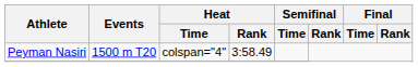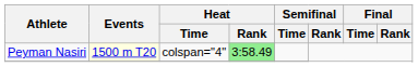 <table class=wikitable style="text-align:center; font-size:90%">
 <tr>
 <th rowspan="2">Athlete</th>
 <th rowspan="2">Events</th>
 <th colspan="2">Heat</th>
 <th colspan="2">Semifinal</th>
 <th colspan="2">Final</th>
 </tr>
 <tr>
 <th>Time</th>
 <th>Rank</th>
 <th>Time</th>
 <th>Rank</th>
 <th>Time</th>
 <th>Rank</th>
 </tr>
 <tr>
 <td align="left"><a href='#'>Peyman Nasiri</a></td>
-<td align="left"><a href='#'>1500 m T20</a></td>
+<td align="left" style="background: lightyellow;"><a href='#'>1500 m T20</a></td>
 <td>colspan="4" </td>
-<td>3:58.49</td>
+<td style="background: lightgreen;">3:58.49</td>
 <td align="center"></td>
 </tr>
 <tr>
 </tr>
 </table>
